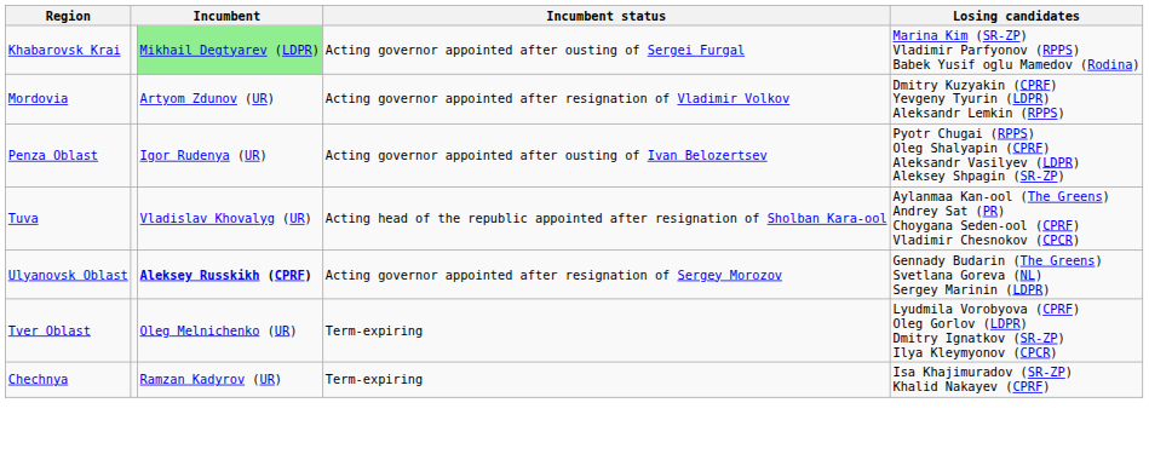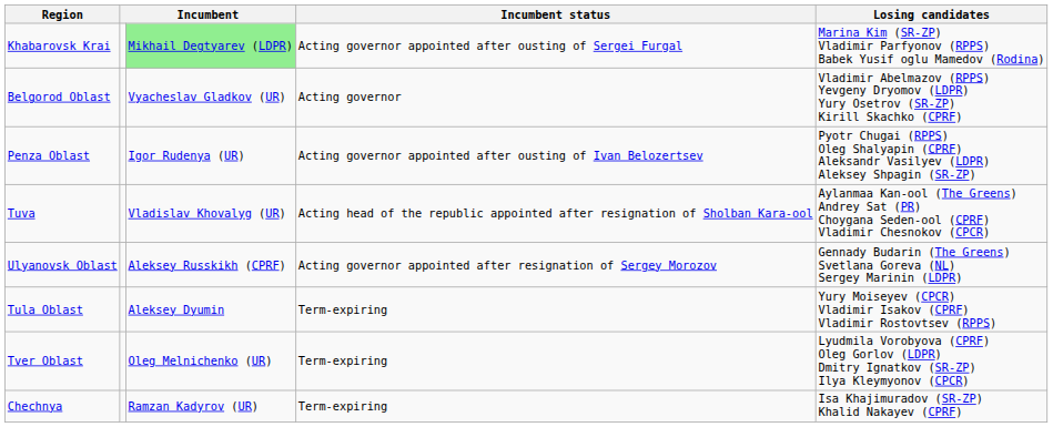 <table class="wikitable sortable"'3'>
 <tr>
 <th>Region</th>
 <th colspan=2>Incumbent</th>
 <th>Incumbent status</th>
 <th>Losing candidates</th>
 </tr>
 <tr>
 <td><a href='#'>Khabarovsk Krai</a></td>
 <td style="background: "></td>
 <td style="background: lightgreen;"><a href='#'>Mikhail Degtyarev</a> (<a href='#'>LDPR</a>)</td>
 <td>Acting governor appointed after ousting of <a href='#'>Sergei Furgal</a></td>
 <td><a href='#'>Marina Kim</a> (<a href='#'>SR-ZP</a>)<br>Vladimir Parfyonov (<a href='#'>RPPS</a>)<br>Babek Yusif oglu Mamedov (<a href='#'>Rodina</a>)</td>
 </tr>
 <tr>
-<td><a href='#'>Mordovia</a></td>
+<td><a href='#'>Belgorod Oblast</a></td>
 <td style="background: "></td>
-<td><a href='#'>Artyom Zdunov</a> (<a href='#'>UR</a>)</td>
-<td>Acting governor appointed after resignation of <a href='#'>Vladimir Volkov</a></td>
-<td>Dmitry Kuzyakin (<a href='#'>CPRF</a>)<br>Yevgeny Tyurin (<a href='#'>LDPR</a>)<br>Aleksandr Lemkin (<a href='#'>RPPS</a>)</td>
+<td><a href='#'>Vyacheslav Gladkov</a> (<a href='#'>UR</a>)</td>
+<td>Acting governor</td>
+<td>Vladimir Abelmazov (<a href='#'>RPPS</a>)<br>Yevgeny Dryomov (<a href='#'>LDPR</a>)<br>Yury Osetrov (<a href='#'>SR-ZP</a>)<br>Kirill Skachko (<a href='#'>CPRF</a>)</td>
 </tr>
 <tr>
 <td><a href='#'>Penza Oblast</a></td>
 <td style="background: "></td>
 <td><a href='#'>Igor Rudenya</a> (<a href='#'>UR</a>)</td>
 <td>Acting governor appointed after ousting of <a href='#'>Ivan Belozertsev</a></td>
 <td>Pyotr Chugai (<a href='#'>RPPS</a>)<br>Oleg Shalyapin (<a href='#'>CPRF</a>)<br>Aleksandr Vasilyev (<a href='#'>LDPR</a>)<br>Aleksey Shpagin (<a href='#'>SR-ZP</a>)</td>
 </tr>
 <tr>
 <td><a href='#'>Tuva</a></td>
 <td style="background: "></td>
 <td><a href='#'>Vladislav Khovalyg</a> (<a href='#'>UR</a>)</td>
 <td>Acting head of the republic appointed after resignation of <a href='#'>Sholban Kara-ool</a></td>
 <td>Aylanmaa Kan-ool (<a href='#'>The Greens</a>)<br>Andrey Sat (<a href='#'>PR</a>)<br>Choygana Seden-ool (<a href='#'>CPRF</a>)<br>Vladimir Chesnokov (<a href='#'>CPCR</a>)</td>
 </tr>
 <tr>
 <td><a href='#'>Ulyanovsk Oblast</a></td>
 <td style="background: "></td>
-<td><strong><a href='#'>Aleksey Russkikh</a> (<a href='#'>CPRF</a>)</strong></td>
+<td><a href='#'>Aleksey Russkikh</a> (<a href='#'>CPRF</a>)</td>
 <td>Acting governor appointed after resignation of <a href='#'>Sergey Morozov</a></td>
 <td>Gennady Budarin (<a href='#'>The Greens</a>)<br>Svetlana Goreva (<a href='#'>NL</a>)<br>Sergey Marinin (<a href='#'>LDPR</a>)</td>
+</tr>
+<tr>
+<td><a href='#'>Tula Oblast</a></td>
+<td style="background: "></td>
+<td><a href='#'>Aleksey Dyumin</a></td>
+<td>Term-expiring</td>
+<td>Yury Moiseyev (<a href='#'>CPCR</a>)<br>Vladimir Isakov (<a href='#'>CPRF</a>)<br>Vladimir Rostovtsev (<a href='#'>RPPS</a>)</td>
 </tr>
 <tr>
 <td><a href='#'>Tver Oblast</a></td>
 <td style="background: "></td>
 <td><a href='#'>Oleg Melnichenko</a> (<a href='#'>UR</a>)</td>
 <td>Term-expiring</td>
 <td>Lyudmila Vorobyova (<a href='#'>CPRF</a>)<br>Oleg Gorlov (<a href='#'>LDPR</a>)<br>Dmitry Ignatkov (<a href='#'>SR-ZP</a>)<br>Ilya Kleymyonov (<a href='#'>CPCR</a>)</td>
 </tr>
 <tr>
 <td><a href='#'>Chechnya</a></td>
 <td style="background: "></td>
 <td><a href='#'>Ramzan Kadyrov</a> (<a href='#'>UR</a>)</td>
 <td>Term-expiring</td>
 <td>Isa Khajimuradov (<a href='#'>SR-ZP</a>)<br>Khalid Nakayev (<a href='#'>CPRF</a>)</td>
 </tr>
 </table>
